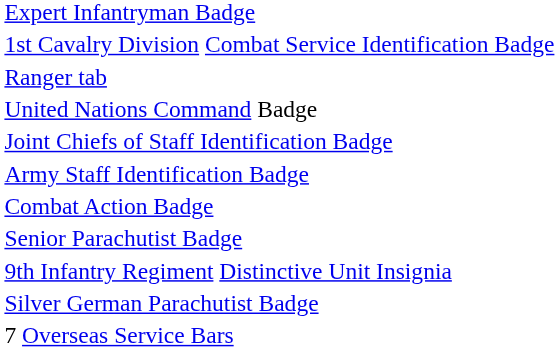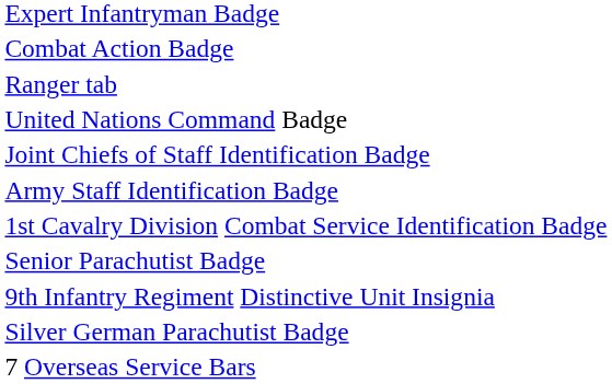 <table>
 <tr>
 <td> <a href='#'>Expert Infantryman Badge</a></td>
 </tr>
 <tr>
-<td> <a href='#'>1st Cavalry Division</a> <a href='#'>Combat Service Identification Badge</a></td>
+<td> <a href='#'>Combat Action Badge</a></td>
 </tr>
 <tr>
 <td> <a href='#'>Ranger tab</a></td>
 </tr>
 <tr>
 <td> <a href='#'>United Nations Command</a> Badge</td>
 </tr>
 <tr>
 <td> <a href='#'>Joint Chiefs of Staff Identification Badge</a></td>
 </tr>
 <tr>
 <td> <a href='#'>Army Staff Identification Badge</a></td>
 </tr>
 <tr>
-<td> <a href='#'>Combat Action Badge</a></td>
+<td> <a href='#'>1st Cavalry Division</a> <a href='#'>Combat Service Identification Badge</a></td>
 </tr>
 <tr>
 <td> <a href='#'>Senior Parachutist Badge</a></td>
 </tr>
 <tr>
 <td> <a href='#'>9th Infantry Regiment</a> <a href='#'>Distinctive Unit Insignia</a></td>
 </tr>
 <tr>
 <td> <a href='#'>Silver German Parachutist Badge</a></td>
 </tr>
 <tr>
 <td> 7 <a href='#'>Overseas Service Bars</a></td>
 </tr>
 </table>
